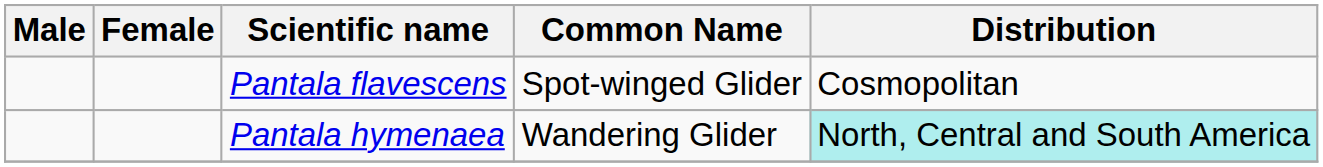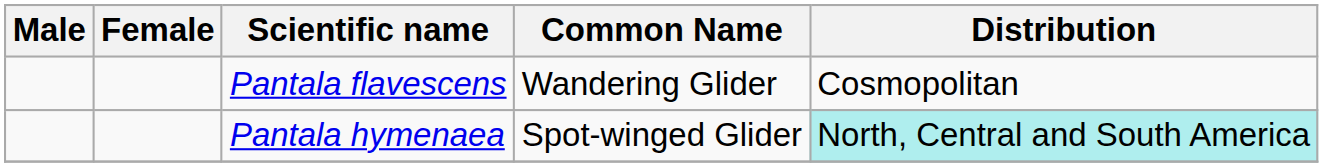 <table class="wikitable">
 <tr>
 <th>Male</th>
 <th>Female</th>
 <th>Scientific name</th>
 <th>Common Name</th>
 <th>Distribution</th>
 </tr>
 <tr>
 <td></td>
 <td></td>
 <td><em><a href='#'>Pantala flavescens</a></em> </td>
-<td>Spot-winged Glider</td>
+<td>Wandering Glider</td>
 <td>Cosmopolitan</td>
 </tr>
 <tr>
 <td></td>
 <td></td>
 <td><em><a href='#'>Pantala hymenaea</a></em> </td>
-<td>Wandering Glider</td>
+<td>Spot-winged Glider</td>
 <td style="background: paleturquoise;">North, Central and South America</td>
 </tr>
 <tr>
 </tr>
 </table>
